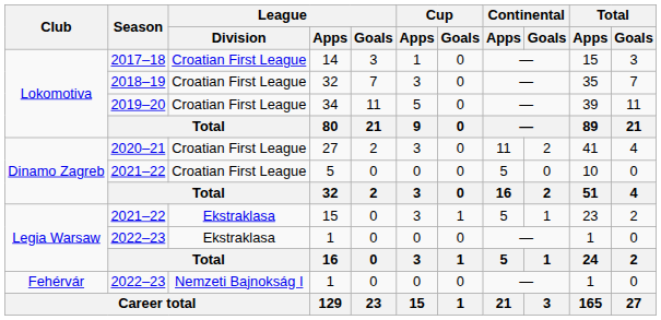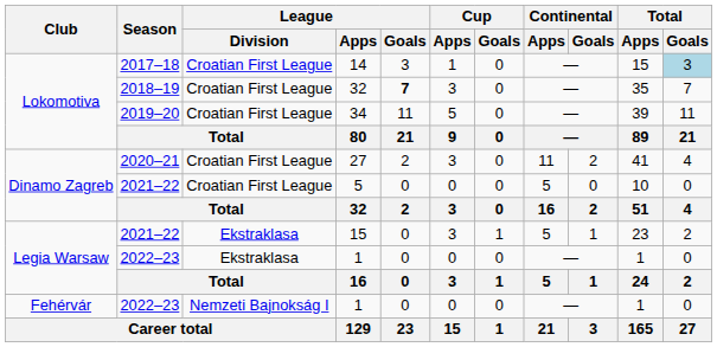 <table class="wikitable" style="text-align:center">
 <tr>
 <th rowspan="2">Club</th>
 <th rowspan="2">Season</th>
 <th colspan="3">League</th>
 <th colspan="2">Cup</th>
 <th colspan="2">Continental</th>
 <th colspan="2">Total</th>
 </tr>
 <tr>
 <th>Division</th>
 <th>Apps</th>
 <th>Goals</th>
 <th>Apps</th>
 <th>Goals</th>
 <th>Apps</th>
 <th>Goals</th>
 <th>Apps</th>
 <th>Goals</th>
 </tr>
 <tr>
 <td rowspan="4"><a href='#'>Lokomotiva</a></td>
 <td><a href='#'>2017–18</a></td>
 <td><a href='#'>Croatian First League</a></td>
 <td>14</td>
 <td>3</td>
 <td>1</td>
 <td>0</td>
 <td colspan="2">—</td>
 <td>15</td>
-<td>3</td>
+<td style="background: lightblue;">3</td>
 </tr>
 <tr>
 <td><a href='#'>2018–19</a></td>
 <td>Croatian First League</td>
 <td>32</td>
-<td>7</td>
+<td><strong>7</strong></td>
 <td>3</td>
 <td>0</td>
 <td colspan="2">—</td>
 <td>35</td>
 <td>7</td>
 </tr>
 <tr>
 <td><a href='#'>2019–20</a></td>
 <td>Croatian First League</td>
 <td>34</td>
 <td>11</td>
 <td>5</td>
 <td>0</td>
 <td colspan="2">—</td>
 <td>39</td>
 <td>11</td>
 </tr>
 <tr>
 <th colspan="2">Total</th>
 <th>80</th>
 <th>21</th>
 <th>9</th>
 <th>0</th>
 <th colspan="2">—</th>
 <th>89</th>
 <th>21</th>
 </tr>
 <tr>
 <td rowspan="3"><a href='#'>Dinamo Zagreb</a></td>
 <td><a href='#'>2020–21</a></td>
 <td>Croatian First League</td>
 <td>27</td>
 <td>2</td>
 <td>3</td>
 <td>0</td>
 <td>11</td>
 <td>2</td>
 <td>41</td>
 <td>4</td>
 </tr>
 <tr>
 <td><a href='#'>2021–22</a></td>
 <td>Croatian First League</td>
 <td>5</td>
 <td>0</td>
 <td>0</td>
 <td>0</td>
 <td>5</td>
 <td>0</td>
 <td>10</td>
 <td>0</td>
 </tr>
 <tr>
 <th colspan="2">Total</th>
 <th>32</th>
 <th>2</th>
 <th>3</th>
 <th>0</th>
 <th>16</th>
 <th>2</th>
 <th>51</th>
 <th>4</th>
 </tr>
 <tr>
 <td rowspan="3"><a href='#'>Legia Warsaw</a></td>
 <td><a href='#'>2021–22</a></td>
 <td><a href='#'>Ekstraklasa</a></td>
 <td>15</td>
 <td>0</td>
 <td>3</td>
 <td>1</td>
 <td>5</td>
 <td>1</td>
 <td>23</td>
 <td>2</td>
 </tr>
 <tr>
 <td><a href='#'>2022–23</a></td>
 <td>Ekstraklasa</td>
 <td>1</td>
 <td>0</td>
 <td>0</td>
 <td>0</td>
 <td colspan="2">—</td>
 <td>1</td>
 <td>0</td>
 </tr>
 <tr>
 <th colspan="2">Total</th>
 <th>16</th>
 <th>0</th>
 <th>3</th>
 <th>1</th>
 <th>5</th>
 <th>1</th>
 <th>24</th>
 <th>2</th>
 </tr>
 <tr>
 <td><a href='#'>Fehérvár</a></td>
 <td><a href='#'>2022–23</a></td>
 <td><a href='#'>Nemzeti Bajnokság I</a></td>
 <td>1</td>
 <td>0</td>
 <td>0</td>
 <td>0</td>
 <td colspan="2">—</td>
 <td>1</td>
 <td>0</td>
 </tr>
 <tr>
 <th colspan="3">Career total</th>
 <th>129</th>
 <th>23</th>
 <th>15</th>
 <th>1</th>
 <th>21</th>
 <th>3</th>
 <th>165</th>
 <th>27</th>
 </tr>
 </table>
